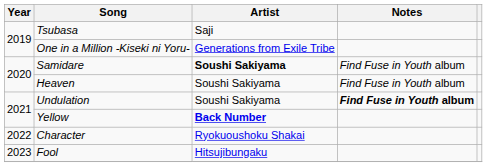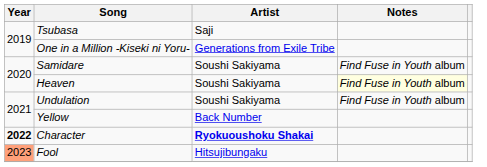 <table class="wikitable plainrowheaders sortable">
 <tr>
 <th>Year</th>
 <th>Song</th>
 <th>Artist</th>
 <th>Notes</th>
 <th class="unsortable"></th>
 </tr>
 <tr>
 <td rowspan="2">2019</td>
 <td><em>Tsubasa</em></td>
 <td>Saji</td>
 <td></td>
 <td></td>
 </tr>
 <tr>
 <td><em>One in a Million -Kiseki ni Yoru-</em></td>
 <td><a href='#'>Generations from Exile Tribe</a></td>
 <td></td>
 <td></td>
 </tr>
 <tr>
 <td rowspan="2">2020</td>
 <td><em>Samidare</em></td>
-<td><strong>Soushi Sakiyama</strong></td>
+<td>Soushi Sakiyama</td>
 <td><em>Find Fuse in Youth</em> album</td>
 <td></td>
 </tr>
 <tr>
 <td><em>Heaven</em></td>
 <td>Soushi Sakiyama</td>
-<td><em>Find Fuse in Youth</em> album</td>
+<td style="background: lightyellow;"><em>Find Fuse in Youth</em> album</td>
 <td></td>
 </tr>
 <tr>
 <td rowspan="2">2021</td>
 <td><em>Undulation</em></td>
 <td>Soushi Sakiyama</td>
-<td><strong><em>Find Fuse in Youth</em> album</strong></td>
+<td><em>Find Fuse in Youth</em> album</td>
 <td></td>
 </tr>
 <tr>
 <td><em>Yellow</em></td>
-<td><strong><a href='#'>Back Number</a></strong></td>
+<td><a href='#'>Back Number</a></td>
 <td></td>
 <td></td>
 </tr>
 <tr>
-<td>2022</td>
+<td><strong>2022</strong></td>
 <td><em>Character</em></td>
-<td><a href='#'>Ryokuoushoku Shakai</a></td>
+<td><strong><a href='#'>Ryokuoushoku Shakai</a></strong></td>
 <td></td>
 <td></td>
 </tr>
 <tr>
-<td>2023</td>
+<td style="background: lightsalmon;">2023</td>
 <td><em>Fool</em></td>
 <td><a href='#'>Hitsujibungaku</a></td>
 <td></td>
 <td></td>
 </tr>
 <tr>
 </tr>
 </table>
